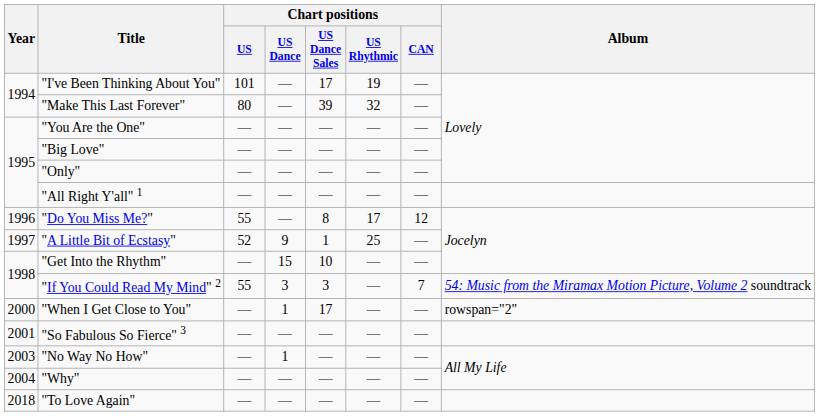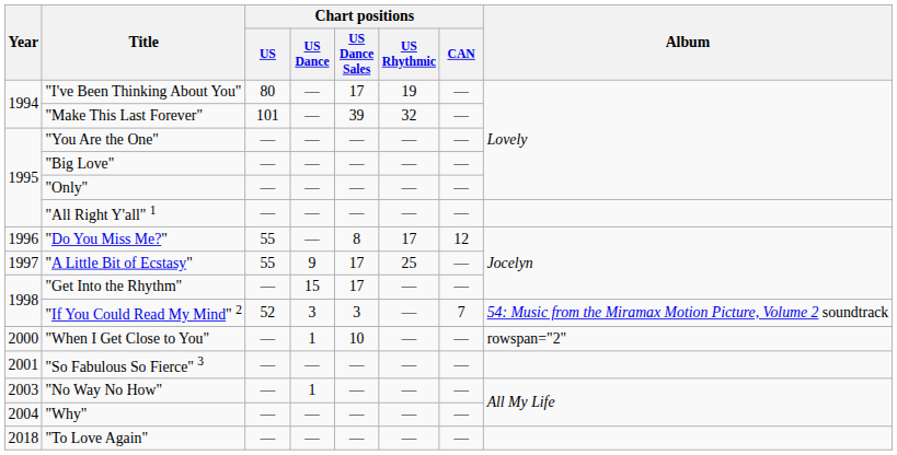 <table class="wikitable plainrowheaders">
 <tr>
 <th scope="col" rowspan="2">Year</th>
 <th scope="col" rowspan="2">Title</th>
 <th scope="col" colspan="5">Chart positions</th>
 <th scope="col" rowspan="2">Album</th>
 </tr>
 <tr>
 <th scope="col" style="width:3em;font-size:85%"><a href='#'>US</a></th>
 <th scope="col" style="width:3em;font-size:85%"><a href='#'>US Dance</a></th>
 <th scope="col" style="width:3em;font-size:85%"><a href='#'>US Dance Sales</a></th>
 <th scope="col" style="width:3em;font-size:85%"><a href='#'>US<br>Rhythmic</a></th>
 <th scope="col" style="width:3em;font-size:85%"><a href='#'>CAN</a></th>
 </tr>
 <tr>
 <td align="center" rowspan="2">1994</td>
 <td align="left">"I've Been Thinking About You"</td>
-<td align="center">101</td>
+<td align="center">80</td>
 <td align="center">—</td>
 <td align="center">17</td>
 <td align="center">19</td>
 <td align="center">—</td>
 <td align="left" rowspan="5"><em>Lovely</em></td>
 </tr>
 <tr>
 <td align="left">"Make This Last Forever"</td>
-<td align="center">80</td>
+<td align="center">101</td>
 <td align="center">—</td>
 <td align="center">39</td>
 <td align="center">32</td>
 <td align="center">—</td>
 </tr>
 <tr>
 <td align="center" rowspan="4">1995</td>
 <td align="left">"You Are the One"</td>
 <td align="center">—</td>
 <td align="center">—</td>
 <td align="center">—</td>
 <td align="center">—</td>
 <td align="center">—</td>
 </tr>
 <tr>
 <td align="left">"Big Love"</td>
 <td align="center">—</td>
 <td align="center">—</td>
 <td align="center">—</td>
 <td align="center">—</td>
 <td align="center">—</td>
 </tr>
 <tr>
 <td align="left">"Only"</td>
 <td align="center">—</td>
 <td align="center">—</td>
 <td align="center">—</td>
 <td align="center">—</td>
 <td align="center">—</td>
 </tr>
 <tr>
 <td align="left">"All Right Y'all" <sup>1</sup></td>
 <td align="center">—</td>
 <td align="center">—</td>
 <td align="center">—</td>
 <td align="center">—</td>
 <td align="center">—</td>
 <td></td>
 </tr>
 <tr>
 <td align="center">1996</td>
 <td align="left">"<a href='#'>Do You Miss Me?</a>"</td>
 <td align="center">55</td>
 <td align="center">—</td>
 <td align="center">8</td>
 <td align="center">17</td>
 <td align="center">12</td>
 <td align="left" rowspan="3"><em>Jocelyn</em></td>
 </tr>
 <tr>
 <td align="center" rowspan="1">1997</td>
 <td align="left">"<a href='#'>A Little Bit of Ecstasy</a>"</td>
-<td align="center">52</td>
+<td align="center">55</td>
 <td align="center">9</td>
-<td align="center">1</td>
+<td align="center">17</td>
 <td align="center">25</td>
 <td align="center">—</td>
 </tr>
 <tr>
 <td align="center" rowspan="2">1998</td>
 <td align="left">"Get Into the Rhythm"</td>
 <td align="center">—</td>
 <td align="center">15</td>
-<td align="center">10</td>
+<td align="center">17</td>
 <td align="center">—</td>
 <td align="center">—</td>
 </tr>
 <tr>
 <td align="left">"<a href='#'>If You Could Read My Mind</a>" <sup>2</sup></td>
-<td align="center">55</td>
+<td align="center">52</td>
 <td align="center">3</td>
 <td align="center">3</td>
 <td align="center">—</td>
 <td align="center">7</td>
 <td align="left"><em><a href='#'>54: Music from the Miramax Motion Picture, Volume 2</a></em> soundtrack</td>
 </tr>
 <tr>
 <td align="center">2000</td>
 <td align="left">"When I Get Close to You"</td>
 <td align="center">—</td>
 <td align="center">1</td>
-<td align="center">17</td>
+<td align="center">10</td>
 <td align="center">—</td>
 <td align="center">—</td>
 <td>rowspan="2" </td>
 </tr>
 <tr>
 <td align="center">2001</td>
 <td align="left">"So Fabulous So Fierce" <sup>3</sup></td>
 <td align="center">—</td>
 <td align="center">—</td>
 <td align="center">—</td>
 <td align="center">—</td>
 <td align="center">—</td>
 </tr>
 <tr>
 <td align="center">2003</td>
 <td align="left">"No Way No How"</td>
 <td align="center">—</td>
 <td align="center">1</td>
 <td align="center">—</td>
 <td align="center">—</td>
 <td align="center">—</td>
 <td align="left" rowspan="2"><em>All My Life</em></td>
 </tr>
 <tr>
 <td align="center">2004</td>
 <td align="left">"Why"</td>
 <td align="center">—</td>
 <td align="center">—</td>
 <td align="center">—</td>
 <td align="center">—</td>
 <td align="center">—</td>
 </tr>
 <tr>
 <td>2018</td>
 <td>"To Love Again"</td>
 <td align="center">—</td>
 <td align="center">—</td>
 <td align="center">—</td>
 <td align="center">—</td>
 <td align="center">—</td>
 <td></td>
 </tr>
 </table>
